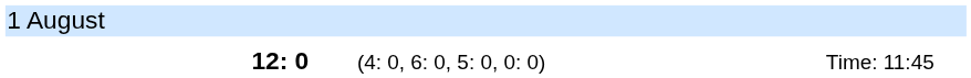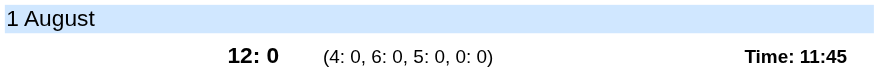 <table style="text-align:center">
 <tr style="text-align:left; background:#d0e7ff;">
 <td colspan=6>1 August</td>
 </tr>
 <tr style="font-size:90%; vertical-align:top;">
 <th width=140></th>
 <th width=60></th>
 <th width=150></th>
 <th width=140></th>
 <th width=100></th>
 </tr>
 <tr>
 <td align=right></td>
 <td><strong>12: 0</strong></td>
 <td><small>(4: 0, 6: 0, 5: 0, 0: 0)</small></td>
 <td align=left></td>
-<td><small>Time: 11:45</small></td>
+<td><strong><small>Time: 11:45</small></strong></td>
 <td></td>
 </tr>
 </table>
